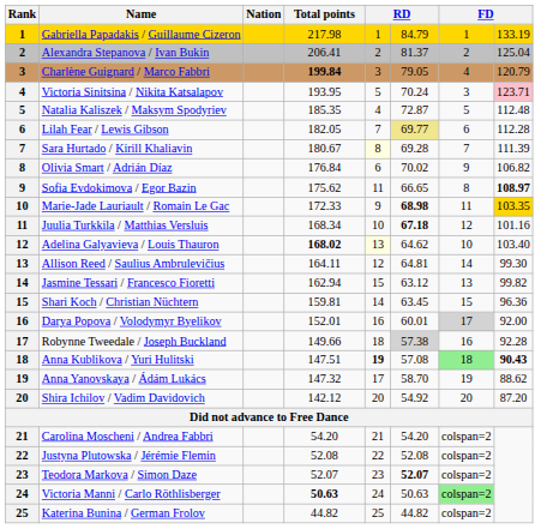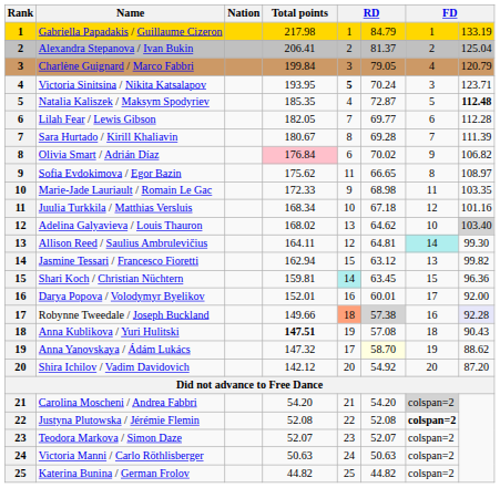 <table class="wikitable sortable">
 <tr>
 <th>Rank</th>
 <th>Name</th>
 <th>Nation</th>
 <th width="100px">Total points</th>
 <th colspan="2" width="90px"><a href='#'>RD</a></th>
 <th colspan="2" width="90px"><a href='#'>FD</a></th>
 </tr>
 <tr bgcolor="gold">
 <td align="center" bgcolor="gold"><strong>1</strong></td>
 <td><a href='#'>Gabriella Papadakis</a> / <a href='#'>Guillaume Cizeron</a></td>
 <td></td>
 <td align="center">217.98</td>
 <td align="center">1</td>
 <td align="center">84.79</td>
 <td align="center">1</td>
 <td align="center">133.19</td>
 </tr>
 <tr bgcolor="silver">
 <td align="center" bgcolor="silver"><strong>2</strong></td>
 <td><a href='#'>Alexandra Stepanova</a> / <a href='#'>Ivan Bukin</a></td>
 <td></td>
 <td align="center">206.41</td>
 <td align="center">2</td>
 <td align="center">81.37</td>
 <td align="center">2</td>
 <td align="center">125.04</td>
 </tr>
 <tr bgcolor="#cc9966">
 <td align="center" bgcolor="#cc9966"><strong>3</strong></td>
 <td><a href='#'>Charlène Guignard</a> / <a href='#'>Marco Fabbri</a></td>
 <td></td>
-<td align="center"><strong>199.84</strong></td>
+<td align="center">199.84</td>
 <td align="center">3</td>
 <td align="center">79.05</td>
 <td align="center">4</td>
 <td align="center">120.79</td>
 </tr>
 <tr>
 <th>4</th>
 <td><a href='#'>Victoria Sinitsina</a> / <a href='#'>Nikita Katsalapov</a></td>
 <td></td>
 <td align="center">193.95</td>
-<td align="center">5</td>
+<td align="center"><strong>5</strong></td>
 <td align="center">70.24</td>
 <td align="center">3</td>
-<td align="center" style="background: pink;">123.71</td>
+<td align="center">123.71</td>
 </tr>
 <tr>
 <th>5</th>
 <td><a href='#'>Natalia Kaliszek</a> / <a href='#'>Maksym Spodyriev</a></td>
 <td></td>
 <td align="center">185.35</td>
 <td align="center">4</td>
 <td align="center">72.87</td>
 <td align="center">5</td>
-<td align="center">112.48</td>
+<td align="center"><strong>112.48</strong></td>
 </tr>
 <tr>
 <th>6</th>
 <td><a href='#'>Lilah Fear</a> / <a href='#'>Lewis Gibson</a></td>
 <td></td>
 <td align="center">182.05</td>
 <td align="center">7</td>
-<td align="center" style="background: khaki;">69.77</td>
+<td align="center">69.77</td>
 <td align="center">6</td>
 <td align="center">112.28</td>
 </tr>
 <tr>
 <th>7</th>
 <td><a href='#'>Sara Hurtado</a> / <a href='#'>Kirill Khaliavin</a></td>
 <td></td>
 <td align="center">180.67</td>
-<td align="center" style="background: lightyellow;">8</td>
+<td align="center">8</td>
 <td align="center">69.28</td>
 <td align="center">7</td>
 <td align="center">111.39</td>
 </tr>
 <tr>
 <th>8</th>
 <td><a href='#'>Olivia Smart</a> / <a href='#'>Adrián Díaz</a></td>
 <td></td>
-<td align="center">176.84</td>
+<td align="center" style="background: pink;">176.84</td>
 <td align="center">6</td>
 <td align="center">70.02</td>
 <td align="center">9</td>
 <td align="center">106.82</td>
 </tr>
 <tr>
 <th>9</th>
 <td><a href='#'>Sofia Evdokimova</a> / <a href='#'>Egor Bazin</a></td>
 <td></td>
 <td align="center">175.62</td>
 <td align="center">11</td>
 <td align="center">66.65</td>
 <td align="center">8</td>
-<td align="center"><strong>108.97</strong></td>
+<td align="center">108.97</td>
 </tr>
 <tr>
 <th>10</th>
 <td><a href='#'>Marie-Jade Lauriault</a> / <a href='#'>Romain Le Gac</a></td>
 <td></td>
 <td align="center">172.33</td>
 <td align="center">9</td>
-<td align="center"><strong>68.98</strong></td>
+<td align="center">68.98</td>
 <td align="center">11</td>
-<td align="center" style="background: gold;">103.35</td>
+<td align="center">103.35</td>
 </tr>
 <tr>
 <th>11</th>
 <td><a href='#'>Juulia Turkkila</a> / <a href='#'>Matthias Versluis</a></td>
 <td></td>
 <td align="center">168.34</td>
 <td align="center">10</td>
-<td align="center"><strong>67.18</strong></td>
+<td align="center">67.18</td>
 <td align="center">12</td>
 <td align="center">101.16</td>
 </tr>
 <tr>
 <th>12</th>
 <td><a href='#'>Adelina Galyavieva</a> / <a href='#'>Louis Thauron</a></td>
 <td></td>
-<td align="center"><strong>168.02</strong></td>
-<td align="center" style="background: lightyellow;">13</td>
+<td align="center">168.02</td>
+<td align="center">13</td>
 <td align="center">64.62</td>
 <td align="center">10</td>
-<td align="center">103.40</td>
+<td align="center" style="background: lightgrey;">103.40</td>
 </tr>
 <tr>
 <th>13</th>
 <td><a href='#'>Allison Reed</a> / <a href='#'>Saulius Ambrulevičius</a></td>
 <td></td>
 <td align="center">164.11</td>
 <td align="center">12</td>
 <td align="center">64.81</td>
-<td align="center">14</td>
+<td align="center" style="background: paleturquoise;">14</td>
 <td align="center">99.30</td>
 </tr>
 <tr>
 <th>14</th>
 <td><a href='#'>Jasmine Tessari</a> / <a href='#'>Francesco Fioretti</a></td>
 <td></td>
 <td align="center">162.94</td>
 <td align="center">15</td>
 <td align="center">63.12</td>
 <td align="center">13</td>
 <td align="center">99.82</td>
 </tr>
 <tr>
 <th>15</th>
 <td><a href='#'>Shari Koch</a> / <a href='#'>Christian Nüchtern</a></td>
 <td></td>
 <td align="center">159.81</td>
-<td align="center">14</td>
+<td align="center" style="background: paleturquoise;">14</td>
 <td align="center">63.45</td>
 <td align="center">15</td>
 <td align="center">96.36</td>
 </tr>
 <tr>
 <th>16</th>
 <td><a href='#'>Darya Popova</a> / <a href='#'>Volodymyr Byelikov</a></td>
 <td></td>
 <td align="center">152.01</td>
 <td align="center">16</td>
 <td align="center">60.01</td>
-<td align="center" style="background: lightgrey;">17</td>
+<td align="center">17</td>
 <td align="center">92.00</td>
 </tr>
 <tr>
 <th>17</th>
 <td>Robynne Tweedale / <a href='#'>Joseph Buckland</a></td>
 <td></td>
 <td align="center">149.66</td>
-<td align="center">18</td>
+<td align="center" style="background: lightsalmon;">18</td>
 <td align="center" style="background: lightgrey;">57.38</td>
 <td align="center">16</td>
-<td align="center">92.28</td>
+<td align="center" style="background: lavender;">92.28</td>
 </tr>
 <tr>
 <th>18</th>
 <td><a href='#'>Anna Kublikova</a> / <a href='#'>Yuri Hulitski</a></td>
 <td></td>
-<td align="center">147.51</td>
-<td align="center"><strong>19</strong></td>
+<td align="center"><strong>147.51</strong></td>
+<td align="center">19</td>
 <td align="center">57.08</td>
-<td align="center" style="background: lightgreen;">18</td>
-<td align="center"><strong>90.43</strong></td>
+<td align="center">18</td>
+<td align="center">90.43</td>
 </tr>
 <tr>
 <th>19</th>
 <td><a href='#'>Anna Yanovskaya</a> / <a href='#'>Ádám Lukács</a></td>
 <td></td>
 <td align="center">147.32</td>
 <td align="center">17</td>
-<td align="center">58.70</td>
+<td align="center" style="background: lightyellow;">58.70</td>
 <td align="center">19</td>
 <td align="center">88.62</td>
 </tr>
 <tr>
 <th>20</th>
 <td><a href='#'>Shira Ichilov</a> / <a href='#'>Vadim Davidovich</a></td>
 <td></td>
 <td align="center">142.12</td>
 <td align="center">20</td>
 <td align="center">54.92</td>
 <td align="center">20</td>
 <td align="center">87.20</td>
 </tr>
 <tr>
 <th colspan=8>Did not advance to Free Dance</th>
 </tr>
 <tr>
 <th>21</th>
 <td><a href='#'>Carolina Moscheni</a> / <a href='#'>Andrea Fabbri</a></td>
 <td></td>
 <td align="center">54.20</td>
 <td align="center">21</td>
 <td align="center">54.20</td>
-<td>colspan=2 </td>
+<td style="background: lightgrey;">colspan=2 </td>
 </tr>
 <tr>
 <th>22</th>
 <td><a href='#'>Justyna Plutowska</a> / <a href='#'>Jérémie Flemin</a></td>
 <td></td>
 <td align="center">52.08</td>
 <td align="center">22</td>
 <td align="center">52.08</td>
-<td>colspan=2 </td>
+<td><strong>colspan=2 </strong></td>
 </tr>
 <tr>
 <th>23</th>
 <td><a href='#'>Teodora Markova</a> / <a href='#'>Simon Daze</a></td>
 <td></td>
 <td align="center">52.07</td>
 <td align="center">23</td>
-<td align="center"><strong>52.07</strong></td>
+<td align="center">52.07</td>
 <td>colspan=2 </td>
 </tr>
 <tr>
 <th>24</th>
 <td><a href='#'>Victoria Manni</a> / <a href='#'>Carlo Röthlisberger</a></td>
 <td></td>
-<td align="center"><strong>50.63</strong></td>
+<td align="center">50.63</td>
 <td align="center">24</td>
 <td align="center">50.63</td>
-<td style="background: lightgreen;">colspan=2 </td>
+<td>colspan=2 </td>
 </tr>
 <tr>
 <th>25</th>
 <td><a href='#'>Katerina Bunina</a> / <a href='#'>German Frolov</a></td>
 <td></td>
 <td align="center">44.82</td>
 <td align="center">25</td>
 <td align="center">44.82</td>
 <td>colspan=2 </td>
 </tr>
 </table>
